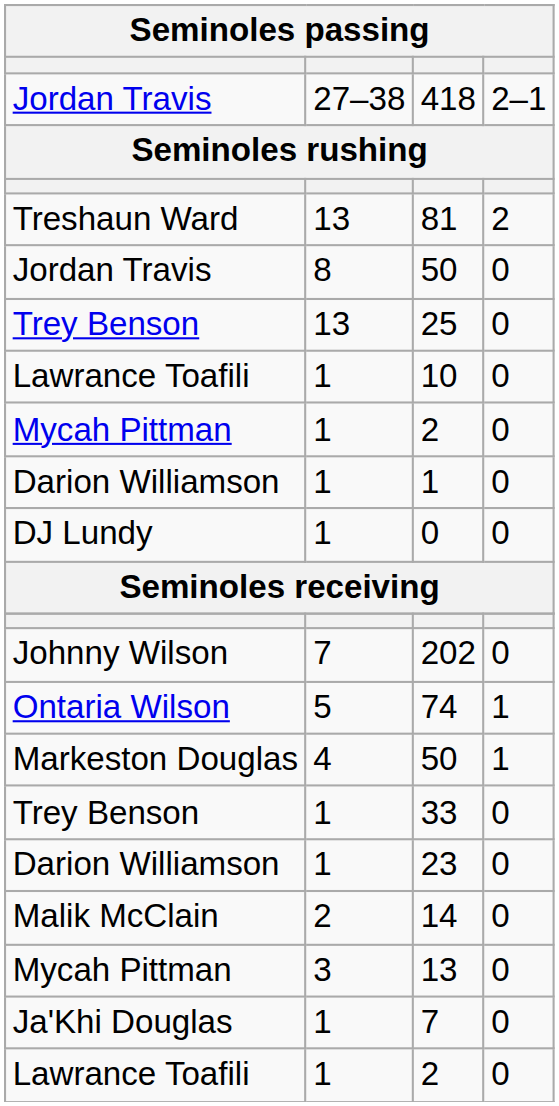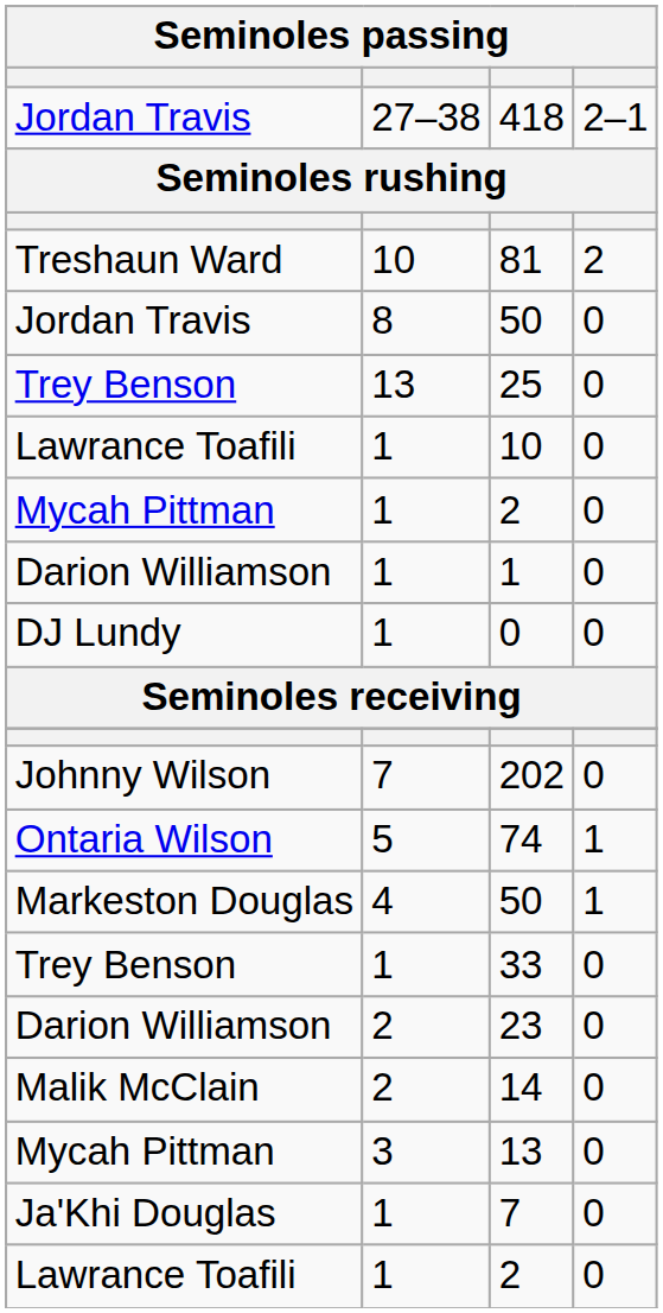 <table class="wikitable plainrowheaders">
 <tr>
 <th colspan="6">Seminoles passing</th>
 </tr>
 <tr>
 <th scope="col"></th>
 <th scope="col"></th>
 <th scope="col"></th>
 <th scope="col"></th>
 </tr>
 <tr>
 <td><a href='#'>Jordan Travis</a></td>
 <td>27–38</td>
 <td>418</td>
 <td>2–1</td>
 </tr>
 <tr>
 <th colspan="6">Seminoles rushing</th>
 </tr>
 <tr>
 <th scope="col"></th>
 <th scope="col"></th>
 <th scope="col"></th>
 <th scope="col"></th>
 </tr>
 <tr>
 <td>Treshaun Ward</td>
-<td>13</td>
+<td>10</td>
 <td>81</td>
 <td>2</td>
 </tr>
 <tr>
 <td>Jordan Travis</td>
 <td>8</td>
 <td>50</td>
 <td>0</td>
 </tr>
 <tr>
 <td><a href='#'>Trey Benson</a></td>
 <td>13</td>
 <td>25</td>
 <td>0</td>
 </tr>
 <tr>
 <td>Lawrance Toafili</td>
 <td>1</td>
 <td>10</td>
 <td>0</td>
 </tr>
 <tr>
 <td><a href='#'>Mycah Pittman</a></td>
 <td>1</td>
 <td>2</td>
 <td>0</td>
 </tr>
 <tr>
 <td>Darion Williamson</td>
 <td>1</td>
 <td>1</td>
 <td>0</td>
 </tr>
 <tr>
 <td>DJ Lundy</td>
 <td>1</td>
 <td>0</td>
 <td>0</td>
 </tr>
 <tr>
 <th colspan="6">Seminoles receiving</th>
 </tr>
 <tr>
 </tr>
 <tr>
 <th scope="col"></th>
 <th scope="col"></th>
 <th scope="col"></th>
 <th scope="col"></th>
 </tr>
 <tr>
 <td>Johnny Wilson</td>
 <td>7</td>
 <td>202</td>
 <td>0</td>
 </tr>
 <tr>
 <td><a href='#'>Ontaria Wilson</a></td>
 <td>5</td>
 <td>74</td>
 <td>1</td>
 </tr>
 <tr>
 <td>Markeston Douglas</td>
 <td>4</td>
 <td>50</td>
 <td>1</td>
 </tr>
 <tr>
 <td>Trey Benson</td>
 <td>1</td>
 <td>33</td>
 <td>0</td>
 </tr>
 <tr>
 <td>Darion Williamson</td>
-<td>1</td>
+<td>2</td>
 <td>23</td>
 <td>0</td>
 </tr>
 <tr>
 <td>Malik McClain</td>
 <td>2</td>
 <td>14</td>
 <td>0</td>
 </tr>
 <tr>
 <td>Mycah Pittman</td>
 <td>3</td>
 <td>13</td>
 <td>0</td>
 </tr>
 <tr>
 <td>Ja'Khi Douglas</td>
 <td>1</td>
 <td>7</td>
 <td>0</td>
 </tr>
 <tr>
 <td>Lawrance Toafili</td>
 <td>1</td>
 <td>2</td>
 <td>0</td>
 </tr>
 </table>
